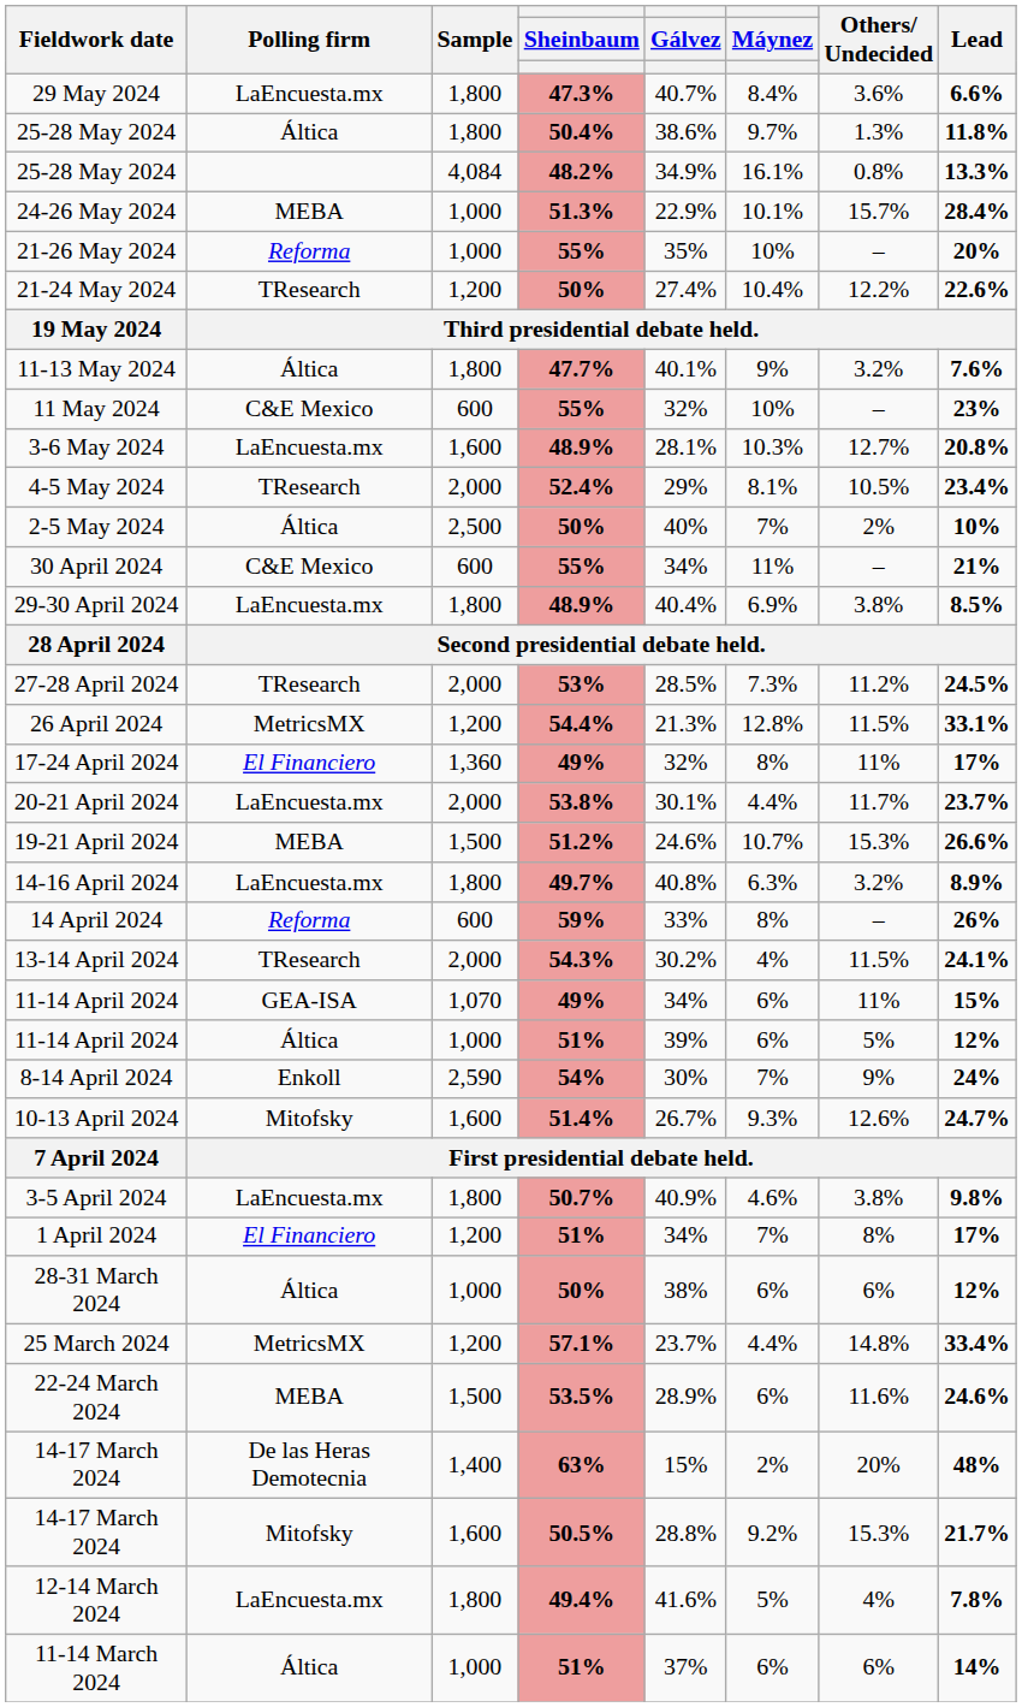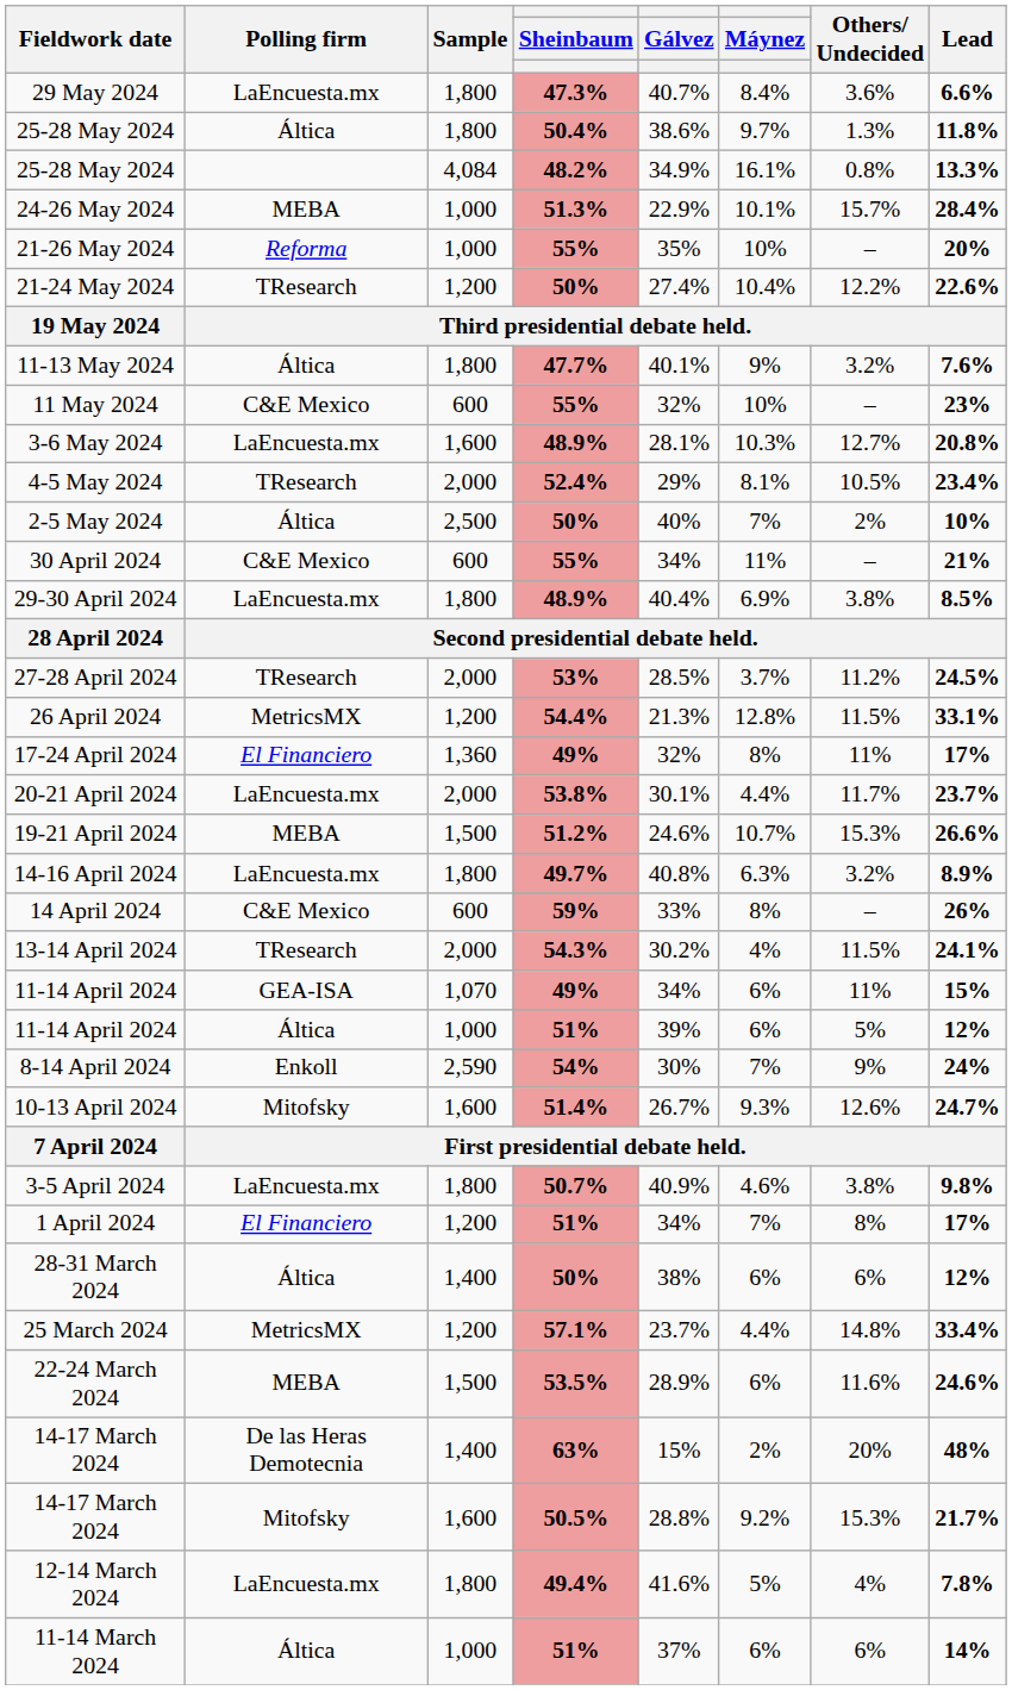 <table class="wikitable sortable" style="text-align:center;font-size:90%;line-height:17px">
 <tr>
 <th rowspan="3" class="unsortable">Fieldwork date</th>
 <th rowspan="3" class="unsortable">Polling firm</th>
 <th rowspan="3" class="unsortable">Sample</th>
 <th></th>
 <th></th>
 <th></th>
 <th rowspan="3" class="unsortable">Others/<br>Undecided</th>
 <th rowspan="3">Lead</th>
 </tr>
 <tr>
 <th><a href='#'>Sheinbaum</a><br></th>
 <th><a href='#'>Gálvez</a><br></th>
 <th><a href='#'>Máynez</a><br></th>
 </tr>
 <tr>
 <th style="background:"></th>
 <th style="background:"></th>
 <th style="background:"></th>
 </tr>
 <tr>
 <td>29 May 2024</td>
 <td>LaEncuesta.mx</td>
 <td>1,800</td>
 <td bgcolor="#ee9e9e"><strong>47.3%</strong></td>
 <td>40.7%</td>
 <td>8.4%</td>
 <td>3.6%</td>
 <td style="background:"><span><strong>6.6%</strong></span></td>
 </tr>
 <tr>
 <td>25-28 May 2024</td>
 <td>Áltica</td>
 <td>1,800</td>
 <td bgcolor="#ee9e9e"><strong>50.4%</strong></td>
 <td>38.6%</td>
 <td>9.7%</td>
 <td>1.3%</td>
 <td style="background:"><span><strong>11.8%</strong></span></td>
 </tr>
 <tr>
 <td>25-28 May 2024</td>
 <td></td>
 <td>4,084</td>
 <td bgcolor="#ee9e9e"><strong>48.2%</strong></td>
 <td>34.9%</td>
 <td>16.1%</td>
 <td>0.8%</td>
 <td style="background:"><span><strong>13.3%</strong></span></td>
 </tr>
 <tr>
 <td>24-26 May 2024</td>
 <td>MEBA</td>
 <td>1,000</td>
 <td bgcolor="#ee9e9e"><strong>51.3%</strong></td>
 <td>22.9%</td>
 <td>10.1%</td>
 <td>15.7%</td>
 <td style="background:"><span><strong>28.4%</strong></span></td>
 </tr>
 <tr>
 <td>21-26 May 2024</td>
 <td><em><a href='#'>Reforma</a></em></td>
 <td>1,000</td>
 <td bgcolor="#ee9e9e"><strong>55%</strong></td>
 <td>35%</td>
 <td>10%</td>
 <td>–</td>
 <td style="background:"><span><strong>20%</strong></span></td>
 </tr>
 <tr>
 <td>21-24 May 2024</td>
 <td>TResearch</td>
 <td>1,200</td>
 <td bgcolor="#ee9e9e"><strong>50%</strong></td>
 <td>27.4%</td>
 <td>10.4%</td>
 <td>12.2%</td>
 <td style="background:"><span><strong>22.6%</strong></span></td>
 </tr>
 <tr>
 <th>19 May 2024</th>
 <th colspan="7">Third presidential debate held.</th>
 </tr>
 <tr>
 <td>11-13 May 2024</td>
 <td>Áltica</td>
 <td>1,800</td>
 <td bgcolor="#ee9e9e"><strong>47.7%</strong></td>
 <td>40.1%</td>
 <td>9%</td>
 <td>3.2%</td>
 <td style="background:"><span><strong>7.6%</strong></span></td>
 </tr>
 <tr>
 <td>11 May 2024</td>
 <td>C&E Mexico</td>
 <td>600</td>
 <td bgcolor="#ee9e9e"><strong>55%</strong></td>
 <td>32%</td>
 <td>10%</td>
 <td>–</td>
 <td style="background:"><span><strong>23%</strong></span></td>
 </tr>
 <tr>
 <td>3-6 May 2024</td>
 <td>LaEncuesta.mx</td>
 <td>1,600</td>
 <td bgcolor="#ee9e9e"><strong>48.9%</strong></td>
 <td>28.1%</td>
 <td>10.3%</td>
 <td>12.7%</td>
 <td style="background:"><span><strong>20.8%</strong></span></td>
 </tr>
 <tr>
 <td>4-5 May 2024</td>
 <td>TResearch</td>
 <td>2,000</td>
 <td bgcolor="#ee9e9e"><strong>52.4%</strong></td>
 <td>29%</td>
 <td>8.1%</td>
 <td>10.5%</td>
 <td style="background:"><span><strong>23.4%</strong></span></td>
 </tr>
 <tr>
 <td>2-5 May 2024</td>
 <td>Áltica</td>
 <td>2,500</td>
 <td bgcolor="#ee9e9e"><strong>50%</strong></td>
 <td>40%</td>
 <td>7%</td>
 <td>2%</td>
 <td style="background:"><span><strong>10%</strong></span></td>
 </tr>
 <tr>
 <td>30 April 2024</td>
 <td>C&E Mexico</td>
 <td>600</td>
 <td bgcolor="#ee9e9e"><strong>55%</strong></td>
 <td>34%</td>
 <td>11%</td>
 <td>–</td>
 <td style="background:"><span><strong>21%</strong></span></td>
 </tr>
 <tr>
 <td>29-30 April 2024</td>
 <td>LaEncuesta.mx</td>
 <td>1,800</td>
 <td bgcolor="#ee9e9e"><strong>48.9%</strong></td>
 <td>40.4%</td>
 <td>6.9%</td>
 <td>3.8%</td>
 <td style="background:"><span><strong>8.5%</strong></span></td>
 </tr>
 <tr>
 <th>28 April 2024</th>
 <th colspan="7">Second presidential debate held.</th>
 </tr>
 <tr>
 <td>27-28 April 2024</td>
 <td>TResearch</td>
 <td>2,000</td>
 <td bgcolor="#ee9e9e"><strong>53%</strong></td>
 <td>28.5%</td>
-<td>7.3%</td>
+<td>3.7%</td>
 <td>11.2%</td>
 <td style="background:"><span><strong>24.5%</strong></span></td>
 </tr>
 <tr>
 <td>26 April 2024</td>
 <td>MetricsMX</td>
 <td>1,200</td>
 <td bgcolor="#ee9e9e"><strong>54.4%</strong></td>
 <td>21.3%</td>
 <td>12.8%</td>
 <td>11.5%</td>
 <td style="background:"><span><strong>33.1%</strong></span></td>
 </tr>
 <tr>
 <td>17-24 April 2024</td>
 <td><em><a href='#'>El Financiero</a></em></td>
 <td>1,360</td>
 <td bgcolor="#ee9e9e"><strong>49%</strong></td>
 <td>32%</td>
 <td>8%</td>
 <td>11%</td>
 <td style="background:"><span><strong>17%</strong></span></td>
 </tr>
 <tr>
 <td>20-21 April 2024</td>
 <td>LaEncuesta.mx</td>
 <td>2,000</td>
 <td bgcolor="#ee9e9e"><strong>53.8%</strong></td>
 <td>30.1%</td>
 <td>4.4%</td>
 <td>11.7%</td>
 <td style="background:"><span><strong>23.7%</strong></span></td>
 </tr>
 <tr>
 <td>19-21 April 2024</td>
 <td>MEBA</td>
 <td>1,500</td>
 <td bgcolor="#ee9e9e"><strong>51.2%</strong></td>
 <td>24.6%</td>
 <td>10.7%</td>
 <td>15.3%</td>
 <td style="background:"><span><strong>26.6%</strong></span></td>
 </tr>
 <tr>
 <td>14-16 April 2024</td>
 <td>LaEncuesta.mx</td>
 <td>1,800</td>
 <td bgcolor="#ee9e9e"><strong>49.7%</strong></td>
 <td>40.8%</td>
 <td>6.3%</td>
 <td>3.2%</td>
 <td style="background:"><span><strong>8.9%</strong></span></td>
 </tr>
 <tr>
 <td>14 April 2024</td>
-<td><em><a href='#'>Reforma</a></em></td>
+<td>C&E Mexico</td>
 <td>600</td>
 <td bgcolor="#ee9e9e"><strong>59%</strong></td>
 <td>33%</td>
 <td>8%</td>
 <td>–</td>
 <td style="background:"><span><strong>26%</strong></span></td>
 </tr>
 <tr>
 <td>13-14 April 2024</td>
 <td>TResearch</td>
 <td>2,000</td>
 <td bgcolor="#ee9e9e"><strong>54.3%</strong></td>
 <td>30.2%</td>
 <td>4%</td>
 <td>11.5%</td>
 <td style="background:"><span><strong>24.1%</strong></span></td>
 </tr>
 <tr>
 <td>11-14 April 2024</td>
 <td>GEA-ISA</td>
 <td>1,070</td>
 <td bgcolor="#ee9e9e"><strong>49%</strong></td>
 <td>34%</td>
 <td>6%</td>
 <td>11%</td>
 <td style="background:"><span><strong>15%</strong></span></td>
 </tr>
 <tr>
 <td>11-14 April 2024</td>
 <td>Áltica</td>
 <td>1,000</td>
 <td bgcolor="#ee9e9e"><strong>51%</strong></td>
 <td>39%</td>
 <td>6%</td>
 <td>5%</td>
 <td style="background:"><span><strong>12%</strong></span></td>
 </tr>
 <tr>
 <td>8-14 April 2024</td>
 <td>Enkoll</td>
 <td>2,590</td>
 <td bgcolor="#ee9e9e"><strong>54%</strong></td>
 <td>30%</td>
 <td>7%</td>
 <td>9%</td>
 <td style="background:"><span><strong>24%</strong></span></td>
 </tr>
 <tr>
 <td>10-13 April 2024</td>
 <td>Mitofsky</td>
 <td>1,600</td>
 <td bgcolor="#ee9e9e"><strong>51.4%</strong></td>
 <td>26.7%</td>
 <td>9.3%</td>
 <td>12.6%</td>
 <td style="background:"><span><strong>24.7%</strong></span></td>
 </tr>
 <tr>
 <th>7 April 2024</th>
 <th colspan="7">First presidential debate held.</th>
 </tr>
 <tr>
 <td>3-5 April 2024</td>
 <td>LaEncuesta.mx</td>
 <td>1,800</td>
 <td bgcolor="#ee9e9e"><strong>50.7%</strong></td>
 <td>40.9%</td>
 <td>4.6%</td>
 <td>3.8%</td>
 <td style="background:"><span><strong>9.8%</strong></span></td>
 </tr>
 <tr>
 <td>1 April 2024</td>
 <td><em><a href='#'>El Financiero</a></em></td>
 <td>1,200</td>
 <td bgcolor="#ee9e9e"><strong>51%</strong></td>
 <td>34%</td>
 <td>7%</td>
 <td>8%</td>
 <td style="background:"><span><strong>17%</strong></span></td>
 </tr>
 <tr>
 <td>28-31 March 2024</td>
 <td>Áltica</td>
-<td>1,000</td>
+<td>1,400</td>
 <td bgcolor="#ee9e9e"><strong>50%</strong></td>
 <td>38%</td>
 <td>6%</td>
 <td>6%</td>
 <td style="background:"><span><strong>12%</strong></span></td>
 </tr>
 <tr>
 <td>25 March 2024</td>
 <td>MetricsMX</td>
 <td>1,200</td>
 <td bgcolor="#ee9e9e"><strong>57.1%</strong></td>
 <td>23.7%</td>
 <td>4.4%</td>
 <td>14.8%</td>
 <td style="background:"><span><strong>33.4%</strong></span></td>
 </tr>
 <tr>
 <td>22-24 March 2024</td>
 <td>MEBA</td>
 <td>1,500</td>
 <td bgcolor="#ee9e9e"><strong>53.5%</strong></td>
 <td>28.9%</td>
 <td>6%</td>
 <td>11.6%</td>
 <td style="background:"><span><strong>24.6%</strong></span></td>
 </tr>
 <tr>
 <td>14-17 March 2024</td>
 <td>De las Heras Demotecnia</td>
 <td>1,400</td>
 <td bgcolor="#ee9e9e"><strong>63%</strong></td>
 <td>15%</td>
 <td>2%</td>
 <td>20%</td>
 <td style="background:"><span><strong>48%</strong></span></td>
 </tr>
 <tr>
 <td>14-17 March 2024</td>
 <td>Mitofsky</td>
 <td>1,600</td>
 <td bgcolor="#ee9e9e"><strong>50.5%</strong></td>
 <td>28.8%</td>
 <td>9.2%</td>
 <td>15.3%</td>
 <td style="background:"><span><strong>21.7%</strong></span></td>
 </tr>
 <tr>
 <td>12-14 March 2024</td>
 <td>LaEncuesta.mx</td>
 <td>1,800</td>
 <td bgcolor="#ee9e9e"><strong>49.4%</strong></td>
 <td>41.6%</td>
 <td>5%</td>
 <td>4%</td>
 <td style="background:"><span><strong>7.8%</strong></span></td>
 </tr>
 <tr>
 <td>11-14 March 2024</td>
 <td>Áltica</td>
 <td>1,000</td>
 <td bgcolor="#ee9e9e"><strong>51%</strong></td>
 <td>37%</td>
 <td>6%</td>
 <td>6%</td>
 <td style="background:"><span><strong>14%</strong></span></td>
 </tr>
 </table>
